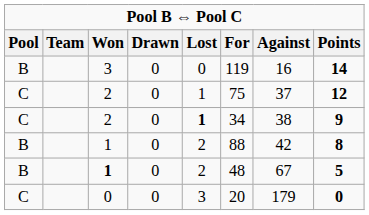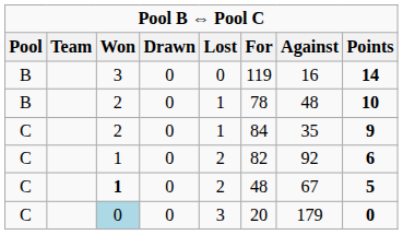 <table class="wikitable">
 <tr>
 <td colspan="8" align="center"><strong>Pool B ⇔ Pool C</strong></td>
 </tr>
 <tr>
 <th>Pool</th>
 <th>Team</th>
 <th>Won</th>
 <th>Drawn</th>
 <th>Lost</th>
 <th>For</th>
 <th>Against</th>
 <th>Points</th>
 </tr>
 <tr align="center">
 <td>B</td>
 <td align="left"></td>
 <td>3</td>
 <td>0</td>
 <td>0</td>
 <td>119</td>
 <td>16</td>
 <td><strong>14</strong></td>
 </tr>
 <tr align="center">
-<td>C</td>
+<td>B</td>
 <td align="left"></td>
 <td>2</td>
 <td>0</td>
 <td>1</td>
-<td>75</td>
-<td>37</td>
-<td><strong>12</strong></td>
+<td>78</td>
+<td>48</td>
+<td><strong>10</strong></td>
 </tr>
 <tr align="center">
 <td>C</td>
 <td align="left"></td>
 <td>2</td>
 <td>0</td>
-<td><strong>1</strong></td>
-<td>34</td>
-<td>38</td>
+<td>1</td>
+<td>84</td>
+<td>35</td>
 <td><strong>9</strong></td>
 </tr>
 <tr align="center">
-<td>B</td>
+<td>C</td>
 <td align="left"></td>
 <td>1</td>
 <td>0</td>
 <td>2</td>
-<td>88</td>
-<td>42</td>
-<td><strong>8</strong></td>
+<td>82</td>
+<td>92</td>
+<td><strong>6</strong></td>
 </tr>
 <tr align="center">
-<td>B</td>
+<td>C</td>
 <td align="left"></td>
 <td><strong>1</strong></td>
 <td>0</td>
 <td>2</td>
 <td>48</td>
 <td>67</td>
 <td><strong>5</strong></td>
 </tr>
 <tr align="center">
 <td>C</td>
 <td align="left"></td>
-<td>0</td>
+<td style="background: lightblue;">0</td>
 <td>0</td>
 <td>3</td>
 <td>20</td>
 <td>179</td>
 <td><strong>0</strong></td>
 </tr>
 </table>
